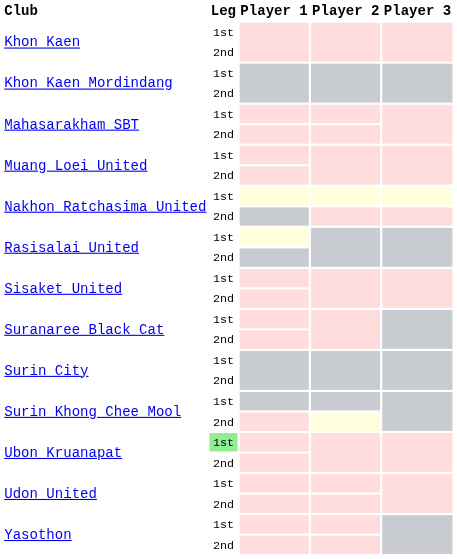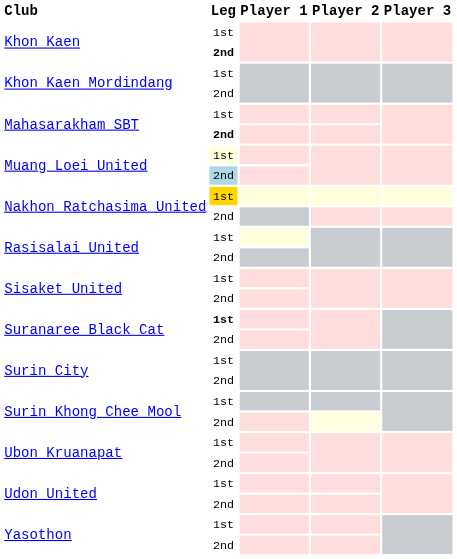 <table class="sortable" style="text-align:left">
 <tr>
 <th>Club</th>
 <th>Leg</th>
 <th>Player 1</th>
 <th>Player 2</th>
 <th>Player 3</th>
 </tr>
 <tr>
 <td rowspan="2"><a href='#'>Khon Kaen</a></td>
 <td align="center"><small>1st</small></td>
 <td bgcolor="#ffdddd"rowspan="2"></td>
 <td bgcolor="#ffdddd"rowspan="2"></td>
 <td bgcolor="#ffdddd"rowspan="2"></td>
 </tr>
 <tr>
-<td align="center"><small>2nd</small></td>
+<td align="center"><strong><small>2nd</small></strong></td>
 </tr>
 <tr>
 <td rowspan="2"><a href='#'>Khon Kaen Mordindang</a></td>
 <td align="center"><small>1st</small></td>
 <td bgcolor="#c8ccd1"rowspan="2"></td>
 <td bgcolor="#c8ccd1"rowspan="2"></td>
 <td bgcolor="#c8ccd1"rowspan="2"></td>
 </tr>
 <tr>
 <td align="center"><small>2nd</small></td>
 </tr>
 <tr>
 <td rowspan="2"><a href='#'>Mahasarakham SBT</a></td>
 <td align="center"><small>1st</small></td>
 <td bgcolor="#ffdddd"></td>
 <td bgcolor="#ffdddd"></td>
 <td bgcolor="#ffdddd"rowspan="2"></td>
 </tr>
 <tr>
-<td align="center"><small>2nd</small></td>
+<td align="center"><strong><small>2nd</small></strong></td>
 <td bgcolor="#ffdddd"></td>
 <td bgcolor="#ffdddd"></td>
 </tr>
 <tr>
 <td rowspan="2"><a href='#'>Muang Loei United</a></td>
-<td align="center"><small>1st</small></td>
+<td align="center" style="background: lightyellow;"><small>1st</small></td>
 <td bgcolor="#ffdddd"></td>
 <td bgcolor="#ffdddd"rowspan="2"></td>
 <td bgcolor="#ffdddd"rowspan="2"></td>
 </tr>
 <tr>
-<td align="center"><small>2nd</small></td>
+<td align="center" style="background: lightblue;"><small>2nd</small></td>
 <td bgcolor="#ffdddd"></td>
 </tr>
 <tr>
 <td rowspan="2"><a href='#'>Nakhon Ratchasima United</a></td>
-<td align="center"><small>1st</small></td>
+<td align="center" style="background: gold;"><small>1st</small></td>
 <td bgcolor="#ffffdd"></td>
 <td bgcolor="#ffffdd"></td>
 <td bgcolor="#ffffdd"></td>
 </tr>
 <tr>
 <td align="center"><small>2nd</small></td>
 <td bgcolor="#c8ccd1"></td>
 <td bgcolor="#ffdddd"></td>
 <td bgcolor="#ffdddd"></td>
 </tr>
 <tr>
 <td rowspan="2"><a href='#'>Rasisalai United</a></td>
 <td align="center"><small>1st</small></td>
 <td bgcolor="#ffffdd"></td>
 <td bgcolor="#c8ccd1"rowspan="2"></td>
 <td bgcolor="#c8ccd1"rowspan="2"></td>
 </tr>
 <tr>
 <td align="center"><small>2nd</small></td>
 <td bgcolor="#c8ccd1"></td>
 </tr>
 <tr>
 <td rowspan="2"><a href='#'>Sisaket United</a></td>
 <td align="center"><small>1st</small></td>
 <td bgcolor="#ffdddd"></td>
 <td bgcolor="#ffdddd"rowspan="2"></td>
 <td bgcolor="#ffdddd"rowspan="2"></td>
 </tr>
 <tr>
 <td align="center"><small>2nd</small></td>
 <td bgcolor="#ffdddd"></td>
 </tr>
 <tr>
 <td rowspan="2"><a href='#'>Suranaree Black Cat</a></td>
-<td align="center"><small>1st</small></td>
+<td align="center"><strong><small>1st</small></strong></td>
 <td bgcolor="#ffdddd"></td>
 <td bgcolor="#ffdddd"rowspan="2"></td>
 <td bgcolor="#c8ccd1"rowspan="2"></td>
 </tr>
 <tr>
 <td align="center"><small>2nd</small></td>
 <td bgcolor="#ffdddd"></td>
 </tr>
 <tr>
 <td rowspan="2"><a href='#'>Surin City</a></td>
 <td align="center"><small>1st</small></td>
 <td bgcolor="#c8ccd1"rowspan="2"></td>
 <td bgcolor="#c8ccd1"rowspan="2"></td>
 <td bgcolor="#c8ccd1"rowspan="2"></td>
 </tr>
 <tr>
 <td align="center"><small>2nd</small></td>
 </tr>
 <tr>
 <td rowspan="2"><a href='#'>Surin Khong Chee Mool</a></td>
 <td align="center"><small>1st</small></td>
 <td bgcolor="#c8ccd1"></td>
 <td bgcolor="#c8ccd1"></td>
 <td bgcolor="#c8ccd1"rowspan="2"></td>
 </tr>
 <tr>
 <td align="center"><small>2nd</small></td>
 <td bgcolor="#ffdddd"></td>
 <td bgcolor="#ffffdd"></td>
 </tr>
 <tr>
 <td rowspan="2"><a href='#'>Ubon Kruanapat</a></td>
-<td align="center" style="background: lightgreen;"><small>1st</small></td>
+<td align="center"><small>1st</small></td>
 <td bgcolor="#ffdddd"></td>
 <td bgcolor="#ffdddd"rowspan="2"></td>
 <td bgcolor="#ffdddd"rowspan="2"></td>
 </tr>
 <tr>
 <td align="center"><small>2nd</small></td>
 <td bgcolor="#ffdddd"></td>
 </tr>
 <tr>
 <td rowspan="2"><a href='#'>Udon United</a></td>
 <td align="center"><small>1st</small></td>
 <td bgcolor="#ffdddd"></td>
 <td bgcolor="#ffdddd"></td>
 <td bgcolor="#ffdddd"rowspan="2"></td>
 </tr>
 <tr>
 <td align="center"><small>2nd</small></td>
 <td bgcolor="#ffdddd"></td>
 <td bgcolor="#ffdddd"></td>
 </tr>
 <tr>
 <td rowspan="2"><a href='#'>Yasothon</a></td>
 <td align="center"><small>1st</small></td>
 <td bgcolor="#ffdddd"></td>
 <td bgcolor="#ffdddd"></td>
 <td bgcolor="#c8ccd1"rowspan="2"></td>
 </tr>
 <tr>
 <td align="center"><small>2nd</small></td>
 <td bgcolor="#ffdddd"></td>
 <td bgcolor="#ffdddd"></td>
 </tr>
 </table>
